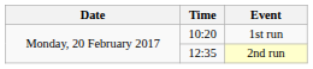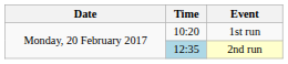 <table class = "wikitable" style="text-align:center;">
 <tr>
 <th width=220>Date</th>
 <th width=50>Time</th>
 <th width=100>Event</th>
 </tr>
 <tr>
 <td rowspan=2>Monday, 20 February 2017</td>
 <td>10:20</td>
 <td>1st run</td>
 </tr>
 <tr>
-<td>12:35</td>
+<td style="background: lightblue;">12:35</td>
 <td bgcolor=ffffcc>2nd run</td>
 </tr>
 </table>
